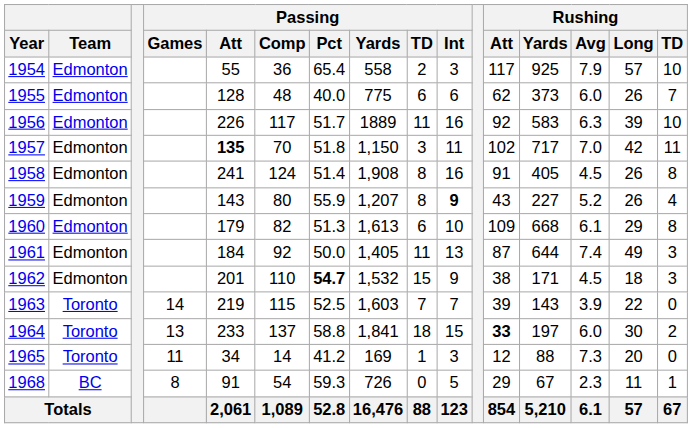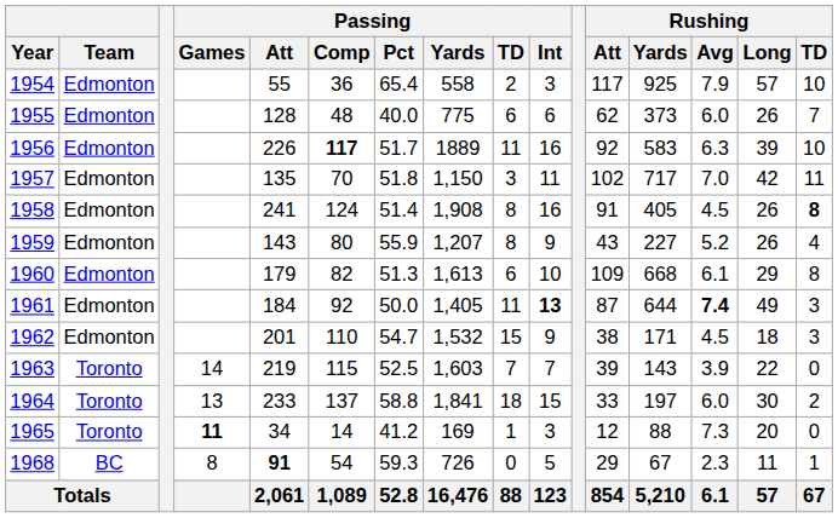 <table class="wikitable" style="background: #FFFFFF;">
 <tr>
 <th colspan="2"></th>
 <th rowspan="99" bgcolor="#ffffff"> </th>
 <th colspan="7">Passing</th>
 <th rowspan="99" bgcolor="#ffffff"> </th>
 <th colspan="7">Rushing</th>
 </tr>
 <tr bgcolor="#e0e0e0">
 <th>Year</th>
 <th>Team</th>
 <th>Games</th>
 <th>Att</th>
 <th>Comp</th>
 <th>Pct</th>
 <th>Yards</th>
 <th>TD</th>
 <th>Int</th>
 <th>Att</th>
 <th>Yards</th>
 <th>Avg</th>
 <th>Long</th>
 <th>TD</th>
 </tr>
 <tr ALIGN="center">
 <td><a href='#'>1954</a></td>
 <td><a href='#'>Edmonton</a></td>
 <td></td>
 <td>55</td>
 <td>36</td>
 <td>65.4</td>
 <td>558</td>
 <td>2</td>
 <td>3</td>
 <td>117</td>
 <td>925</td>
 <td>7.9</td>
 <td>57</td>
 <td>10</td>
 </tr>
 <tr ALIGN="center">
 <td><a href='#'>1955</a></td>
 <td><a href='#'>Edmonton</a></td>
 <td></td>
 <td>128</td>
 <td>48</td>
 <td>40.0</td>
 <td>775</td>
 <td>6</td>
 <td>6</td>
 <td>62</td>
 <td>373</td>
 <td>6.0</td>
 <td>26</td>
 <td>7</td>
 </tr>
 <tr ALIGN="center">
 <td><a href='#'>1956</a></td>
 <td><a href='#'>Edmonton</a></td>
 <td></td>
 <td>226</td>
-<td>117</td>
+<td><strong>117</strong></td>
 <td>51.7</td>
 <td>1889</td>
 <td>11</td>
 <td>16</td>
 <td>92</td>
 <td>583</td>
 <td>6.3</td>
 <td>39</td>
 <td>10</td>
 </tr>
 <tr ALIGN="center">
 <td><a href='#'>1957</a></td>
 <td>Edmonton</td>
 <td></td>
-<td><strong>135</strong></td>
+<td>135</td>
 <td>70</td>
 <td>51.8</td>
 <td>1,150</td>
 <td>3</td>
 <td>11</td>
 <td>102</td>
 <td>717</td>
 <td>7.0</td>
 <td>42</td>
 <td>11</td>
 </tr>
 <tr ALIGN="center">
 <td><a href='#'>1958</a></td>
 <td>Edmonton</td>
 <td></td>
 <td>241</td>
 <td>124</td>
 <td>51.4</td>
 <td>1,908</td>
 <td>8</td>
 <td>16</td>
 <td>91</td>
 <td>405</td>
 <td>4.5</td>
 <td>26</td>
-<td>8</td>
+<td><strong>8</strong></td>
 </tr>
 <tr ALIGN="center">
 <td><a href='#'>1959</a></td>
 <td>Edmonton</td>
 <td></td>
 <td>143</td>
 <td>80</td>
 <td>55.9</td>
 <td>1,207</td>
 <td>8</td>
-<td><strong>9</strong></td>
+<td>9</td>
 <td>43</td>
 <td>227</td>
 <td>5.2</td>
 <td>26</td>
 <td>4</td>
 </tr>
 <tr ALIGN="center">
 <td><a href='#'>1960</a></td>
 <td><a href='#'>Edmonton</a></td>
 <td></td>
 <td>179</td>
 <td>82</td>
 <td>51.3</td>
 <td>1,613</td>
 <td>6</td>
 <td>10</td>
 <td>109</td>
 <td>668</td>
 <td>6.1</td>
 <td>29</td>
 <td>8</td>
 </tr>
 <tr ALIGN="center">
 <td><a href='#'>1961</a></td>
 <td>Edmonton</td>
 <td></td>
 <td>184</td>
 <td>92</td>
 <td>50.0</td>
 <td>1,405</td>
 <td>11</td>
-<td>13</td>
+<td><strong>13</strong></td>
 <td>87</td>
 <td>644</td>
-<td>7.4</td>
+<td><strong>7.4</strong></td>
 <td>49</td>
 <td>3</td>
 </tr>
 <tr ALIGN="center">
 <td><a href='#'>1962</a></td>
 <td>Edmonton</td>
 <td></td>
 <td>201</td>
 <td>110</td>
-<td><strong>54.7</strong></td>
+<td>54.7</td>
 <td>1,532</td>
 <td>15</td>
 <td>9</td>
 <td>38</td>
 <td>171</td>
 <td>4.5</td>
 <td>18</td>
 <td>3</td>
 </tr>
 <tr ALIGN="center">
 <td><a href='#'>1963</a></td>
 <td><a href='#'>Toronto</a></td>
 <td>14</td>
 <td>219</td>
 <td>115</td>
 <td>52.5</td>
 <td>1,603</td>
 <td>7</td>
 <td>7</td>
 <td>39</td>
 <td>143</td>
 <td>3.9</td>
 <td>22</td>
 <td>0</td>
 </tr>
 <tr ALIGN="center">
 <td><a href='#'>1964</a></td>
 <td><a href='#'>Toronto</a></td>
 <td>13</td>
 <td>233</td>
 <td>137</td>
 <td>58.8</td>
 <td>1,841</td>
 <td>18</td>
 <td>15</td>
-<td><strong>33</strong></td>
+<td>33</td>
 <td>197</td>
 <td>6.0</td>
 <td>30</td>
 <td>2</td>
 </tr>
 <tr ALIGN="center">
 <td><a href='#'>1965</a></td>
 <td><a href='#'>Toronto</a></td>
-<td>11</td>
+<td><strong>11</strong></td>
 <td>34</td>
 <td>14</td>
 <td>41.2</td>
 <td>169</td>
 <td>1</td>
 <td>3</td>
 <td>12</td>
 <td>88</td>
 <td>7.3</td>
 <td>20</td>
 <td>0</td>
 </tr>
 <tr ALIGN="center">
 <td><a href='#'>1968</a></td>
 <td><a href='#'>BC</a></td>
 <td>8</td>
-<td>91</td>
+<td><strong>91</strong></td>
 <td>54</td>
 <td>59.3</td>
 <td>726</td>
 <td>0</td>
 <td>5</td>
 <td>29</td>
 <td>67</td>
 <td>2.3</td>
 <td>11</td>
 <td>1</td>
 </tr>
 <tr bgcolor="#e0e0e0">
 <th colspan="2">Totals</th>
 <th></th>
 <th>2,061</th>
 <th>1,089</th>
 <th>52.8</th>
 <th>16,476</th>
 <th>88</th>
 <th>123</th>
 <th>854</th>
 <th>5,210</th>
 <th>6.1</th>
 <th>57</th>
 <th>67</th>
 </tr>
 </table>
